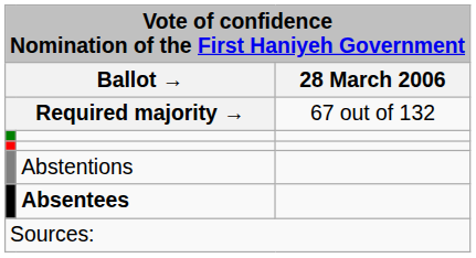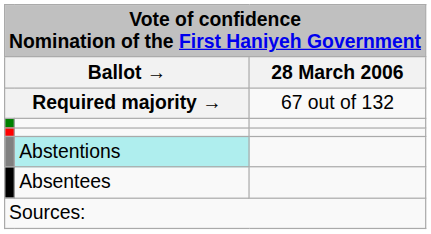 <table class="wikitable" style="text-align:center;">
 <tr>
 <td colspan="4" align="center" bgcolor="#C0C0C0"><strong>Vote of confidence</strong><br><strong>Nomination of the <a href='#'>First Haniyeh Government</a></strong></td>
 </tr>
 <tr>
 <th colspan="2" style="width:150px;">Ballot →</th>
 <th>28 March 2006</th>
 </tr>
 <tr>
 <th colspan="2">Required majority →</th>
 <td>67 out of 132 </td>
 </tr>
 <tr>
 <th style="width:1px; background:green;"></th>
 <td style="text-align:left;"></td>
 <td></td>
 </tr>
 <tr>
 <th style="background:red;"></th>
 <td style="text-align:left;"></td>
 <td></td>
 </tr>
 <tr>
 <th style="background:gray;"></th>
-<td style="text-align:left;"><span>Abstentions</span></td>
+<td style="background: paleturquoise; text-align:left;"><span>Abstentions</span></td>
 <td></td>
 </tr>
 <tr>
 <th style="background:black;"></th>
-<td style="text-align:left;"><strong><span>Absentees</span></strong></td>
+<td style="text-align:left;"><span>Absentees</span></td>
 <td></td>
 </tr>
 <tr>
 <td style="text-align:left;" colspan="4">Sources: </td>
 </tr>
 </table>
